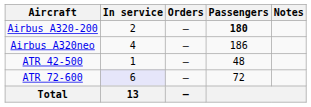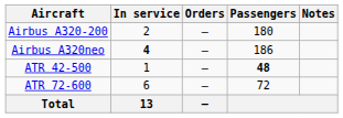 <table class="wikitable" style="margin:1em auto; border-collapse:collapse;text-align:center">
 <tr>
 <th>Aircraft</th>
 <th>In service</th>
 <th>Orders</th>
 <th>Passengers</th>
 <th>Notes</th>
 </tr>
 <tr>
 <td><a href='#'>Airbus A320-200</a></td>
 <td>2</td>
 <td>—</td>
-<td><strong>180</strong></td>
+<td>180</td>
 <td></td>
 </tr>
 <tr>
 <td><a href='#'>Airbus A320neo</a></td>
-<td>4</td>
+<td><strong>4</strong></td>
 <td>—</td>
 <td>186</td>
 <td></td>
 </tr>
 <tr>
 <td><a href='#'>ATR 42-500</a></td>
 <td>1</td>
 <td>—</td>
-<td>48</td>
+<td><strong>48</strong></td>
 <td></td>
 </tr>
 <tr>
 <td><a href='#'>ATR 72-600</a></td>
-<td style="background: lavender;">6</td>
+<td>6</td>
 <td>—</td>
 <td>72</td>
 <td></td>
 </tr>
 <tr>
 <th>Total</th>
 <th>13</th>
 <th>—</th>
 <th colspan="2"></th>
 </tr>
 </table>
